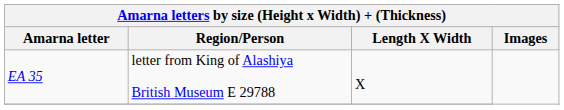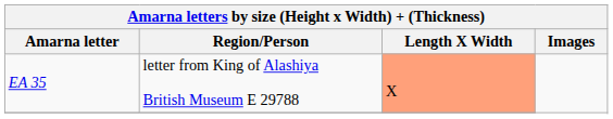 <table class="wikitable" align="center" width="100%">
 <tr>
 <th colspan="5" align="center"><strong><a href='#'>Amarna letters</a> by size (Height x Width) + (Thickness)</strong></th>
 </tr>
 <tr>
 <th>Amarna letter</th>
 <th>Region/Person</th>
 <th>Length X Width</th>
 <th>Images</th>
 </tr>
 <tr>
 <td><em><a href='#'>EA 35</a></em></td>
 <td>letter from King of <a href='#'>Alashiya</a><br><br> <a href='#'>British Museum</a> E 29788</td>
-<td> <br>X </td>
+<td style="background: lightsalmon;"> <br>X </td>
 <td rowspan="99"></td>
 </tr>
 <tr>
 </tr>
 </table>
